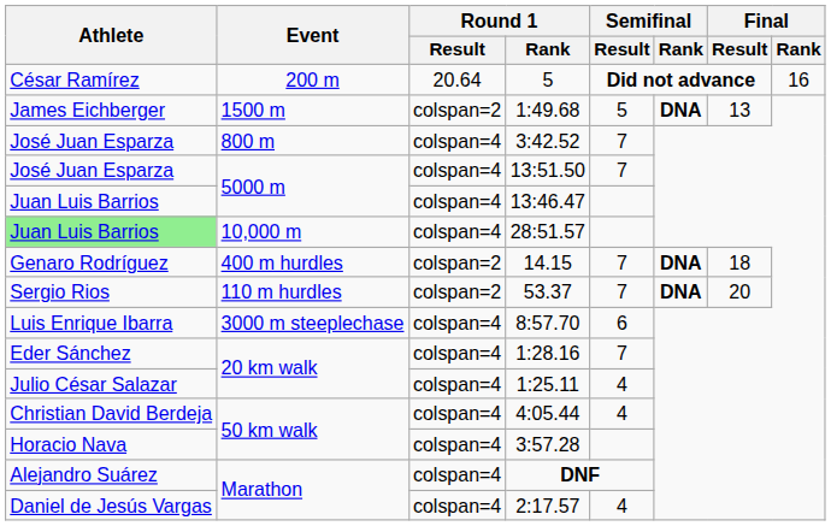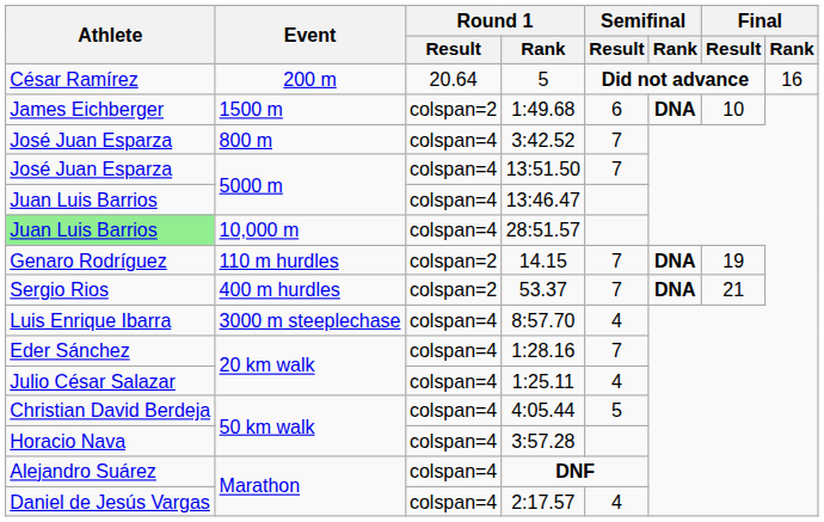 <table class=wikitable style="font-size:90%">
 <tr>
 <th rowspan="2">Athlete</th>
 <th rowspan="2">Event</th>
 <th colspan="2">Round 1</th>
 <th colspan="2">Semifinal</th>
 <th colspan="2">Final</th>
 </tr>
 <tr style="font-size:95%">
 <th>Result</th>
 <th>Rank</th>
 <th>Result</th>
 <th>Rank</th>
 <th>Result</th>
 <th>Rank</th>
 </tr>
 <tr align=center>
 <td align=left><a href='#'>César Ramírez</a></td>
 <td><a href='#'>200 m</a></td>
 <td>20.64</td>
 <td>5</td>
 <td colspan=3><strong>Did not advance</strong></td>
 <td>16</td>
 </tr>
 <tr align=center>
 <td align=left><a href='#'>James Eichberger</a></td>
 <td align=left><a href='#'>1500 m</a></td>
 <td>colspan=2 </td>
 <td>1:49.68</td>
-<td>5</td>
+<td>6</td>
 <td><strong>DNA</strong></td>
-<td>13</td>
+<td>10</td>
 </tr>
 <tr align=center>
 <td align=left><a href='#'>José Juan Esparza</a></td>
 <td align=left><a href='#'>800 m</a></td>
 <td>colspan=4 </td>
 <td>3:42.52</td>
 <td>7</td>
 </tr>
 <tr align=center>
 <td align=left><a href='#'>José Juan Esparza</a></td>
 <td align=left rowspan="2"><a href='#'>5000 m</a></td>
 <td>colspan=4 </td>
 <td>13:51.50</td>
 <td>7</td>
 </tr>
 <tr align=center>
 <td align=left><a href='#'>Juan Luis Barrios</a></td>
 <td>colspan=4 </td>
 <td>13:46.47</td>
 <td></td>
 </tr>
 <tr align=center>
 <td align=left style="background: lightgreen;"><a href='#'>Juan Luis Barrios</a></td>
 <td align=left><a href='#'>10,000 m</a></td>
 <td>colspan=4 </td>
 <td>28:51.57</td>
 <td></td>
 </tr>
 <tr align=center>
 <td align=left><a href='#'>Genaro Rodríguez</a></td>
-<td align=left><a href='#'>400 m hurdles</a></td>
+<td align=left><a href='#'>110 m hurdles</a></td>
 <td>colspan=2 </td>
 <td>14.15</td>
 <td>7</td>
 <td><strong>DNA</strong></td>
-<td>18</td>
+<td>19</td>
 </tr>
 <tr align=center>
 <td align=left><a href='#'>Sergio Rios</a></td>
-<td align=left><a href='#'>110 m hurdles</a></td>
+<td align=left><a href='#'>400 m hurdles</a></td>
 <td>colspan=2 </td>
 <td>53.37</td>
 <td>7</td>
 <td><strong>DNA</strong></td>
-<td>20</td>
+<td>21</td>
 </tr>
 <tr align=center>
 <td align=left><a href='#'>Luis Enrique Ibarra</a></td>
 <td align=left><a href='#'>3000 m steeplechase</a></td>
 <td>colspan=4 </td>
 <td>8:57.70</td>
-<td>6</td>
+<td>4</td>
 </tr>
 <tr align=center>
 <td align=left><a href='#'>Eder Sánchez</a></td>
 <td align=left rowspan="2"><a href='#'>20 km walk</a></td>
 <td>colspan=4 </td>
 <td>1:28.16</td>
 <td>7</td>
 </tr>
 <tr align=center>
 <td align=left><a href='#'>Julio César Salazar</a></td>
 <td>colspan=4 </td>
 <td>1:25.11</td>
 <td>4</td>
 </tr>
 <tr align=center>
 <td align=left><a href='#'>Christian David Berdeja</a></td>
 <td align=left rowspan="2"><a href='#'>50 km walk</a></td>
 <td>colspan=4 </td>
 <td>4:05.44</td>
-<td>4</td>
+<td>5</td>
 </tr>
 <tr align=center>
 <td align=left><a href='#'>Horacio Nava</a></td>
 <td>colspan=4 </td>
 <td>3:57.28</td>
 <td></td>
 </tr>
 <tr align=center>
 <td align=left><a href='#'>Alejandro Suárez</a></td>
 <td align=left rowspan="2"><a href='#'>Marathon</a></td>
 <td>colspan=4 </td>
 <td colspan=2><strong>DNF</strong></td>
 </tr>
 <tr align=center>
 <td align=left><a href='#'>Daniel de Jesús Vargas</a></td>
 <td>colspan=4 </td>
 <td>2:17.57</td>
 <td>4</td>
 </tr>
 </table>
